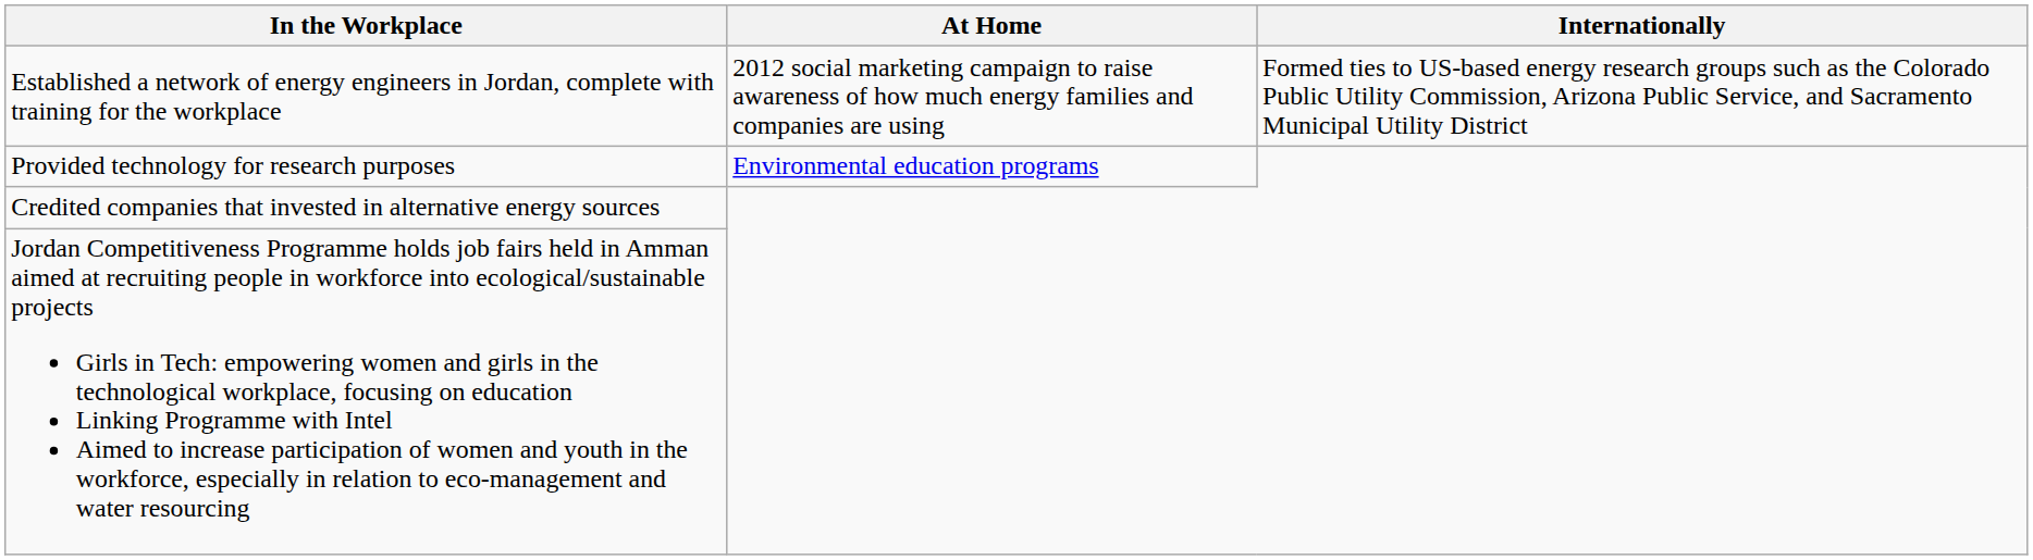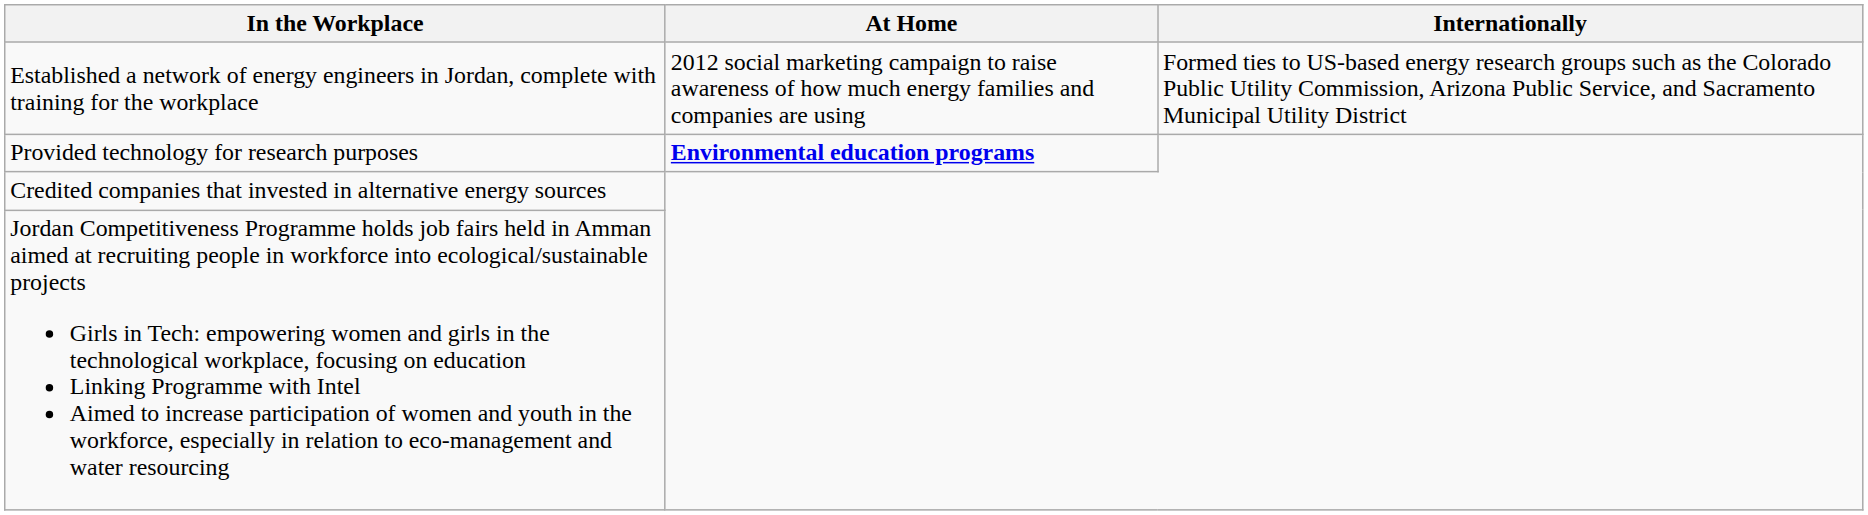 <table class="wikitable" border="1">
 <tr>
 <th>In the Workplace</th>
 <th>At Home</th>
 <th>Internationally</th>
 </tr>
 <tr>
 <td>Established a network of energy engineers in Jordan, complete with training for the workplace </td>
 <td>2012 social marketing campaign to raise awareness of how much energy families and companies are using </td>
 <td>Formed ties to US-based energy research groups such as the Colorado Public Utility Commission, Arizona Public Service, and Sacramento Municipal Utility District </td>
 </tr>
 <tr>
 <td>Provided technology for research purposes </td>
-<td><a href='#'>Environmental education programs</a></td>
+<td><strong><a href='#'>Environmental education programs</a></strong></td>
 </tr>
 <tr>
 <td>Credited companies that invested in alternative energy sources </td>
 </tr>
 <tr>
 <td>Jordan Competitiveness Programme holds job fairs held in Amman aimed at recruiting people in workforce into ecological/sustainable projects <br><ul><li>Girls in Tech: empowering women and girls in the technological workplace, focusing on education</li><li>Linking Programme with Intel</li><li>Aimed to increase participation of women and youth in the workforce, especially in relation to eco-management and water resourcing</li></ul></td>
 </tr>
 </table>
